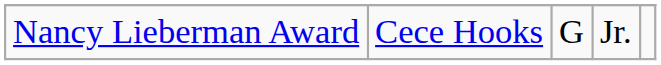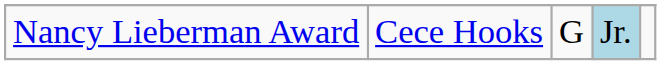 <table class="wikitable" border="1">
 <tr>
 </tr>
 <tr>
 <td><a href='#'>Nancy Lieberman Award</a></td>
 <td><a href='#'>Cece Hooks</a></td>
 <td>G</td>
-<td>Jr.</td>
+<td style="background: lightblue;">Jr.</td>
 <td></td>
 </tr>
 </table>
